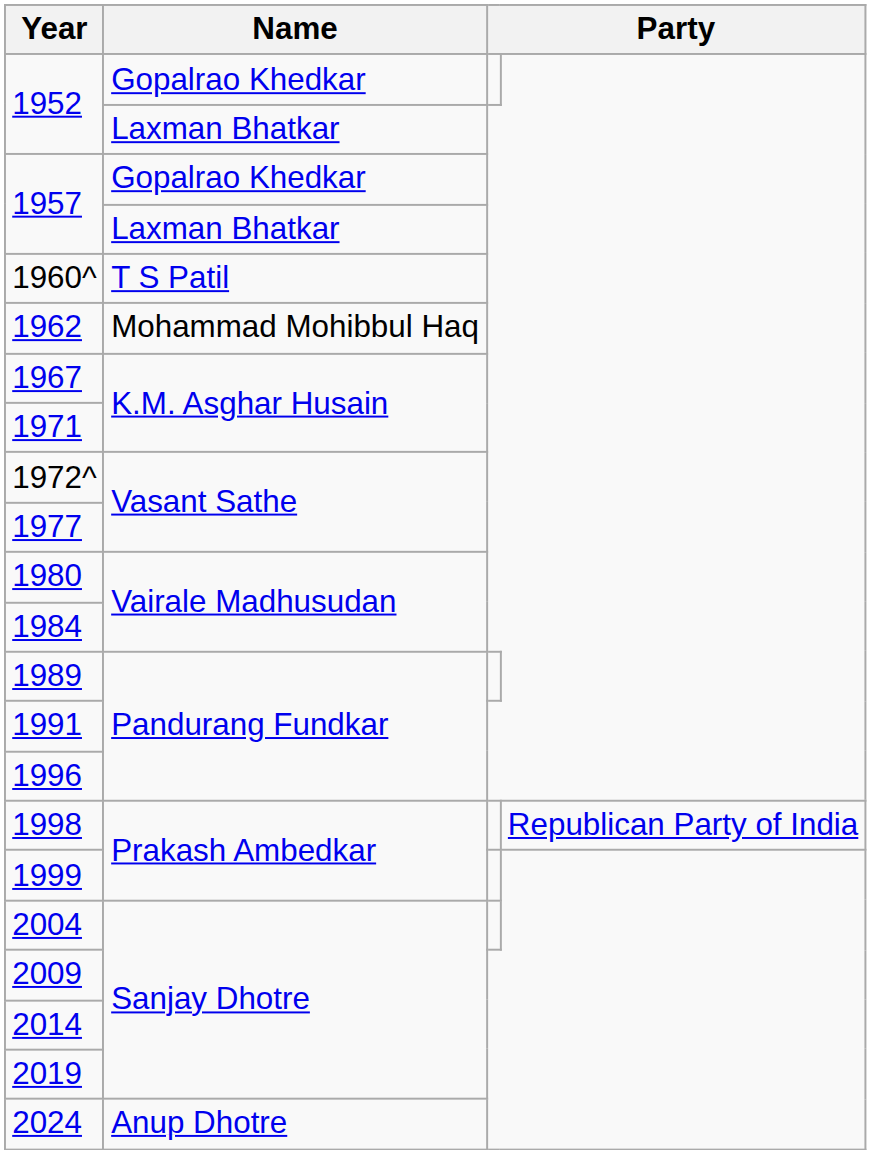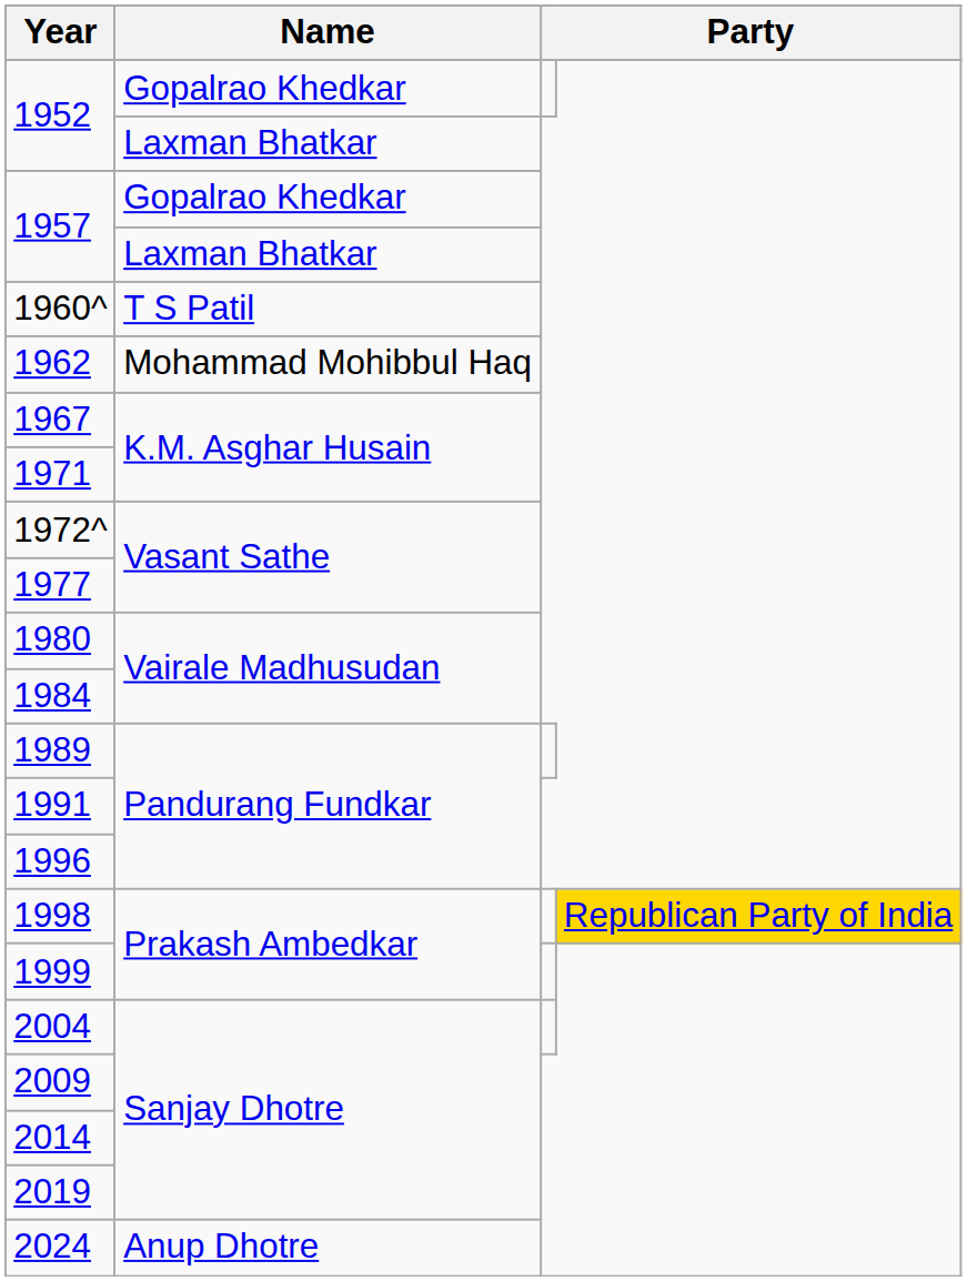 <table class="wikitable">
 <tr>
 <th>Year</th>
 <th>Name</th>
 <th colspan="2">Party</th>
 </tr>
 <tr>
 <td rowspan="2"><a href='#'>1952</a></td>
 <td><a href='#'>Gopalrao Khedkar</a></td>
 <td></td>
 </tr>
 <tr>
 <td><a href='#'>Laxman Bhatkar</a></td>
 </tr>
 <tr>
 <td rowspan="2"><a href='#'>1957</a></td>
 <td><a href='#'>Gopalrao Khedkar</a></td>
 </tr>
 <tr>
 <td><a href='#'>Laxman Bhatkar</a></td>
 </tr>
 <tr>
 <td>1960^</td>
 <td><a href='#'>T S Patil</a></td>
 </tr>
 <tr>
 <td><a href='#'>1962</a></td>
 <td>Mohammad Mohibbul Haq</td>
 </tr>
 <tr>
 <td><a href='#'>1967</a></td>
 <td rowspan="2"><a href='#'>K.M. Asghar Husain</a></td>
 </tr>
 <tr>
 <td><a href='#'>1971</a></td>
 </tr>
 <tr>
 <td>1972^</td>
 <td rowspan="2"><a href='#'>Vasant Sathe</a></td>
 </tr>
 <tr>
 <td><a href='#'>1977</a></td>
 </tr>
 <tr>
 <td><a href='#'>1980</a></td>
 <td rowspan="2"><a href='#'>Vairale Madhusudan</a></td>
 </tr>
 <tr>
 <td><a href='#'>1984</a></td>
 </tr>
 <tr>
 <td><a href='#'>1989</a></td>
 <td rowspan="3"><a href='#'>Pandurang Fundkar</a></td>
 <td></td>
 </tr>
 <tr>
 <td><a href='#'>1991</a></td>
 </tr>
 <tr>
 <td><a href='#'>1996</a></td>
 </tr>
 <tr>
 <td><a href='#'>1998</a></td>
 <td rowspan="2"><a href='#'>Prakash Ambedkar</a></td>
 <td style="background-color: "></td>
-<td><a href='#'>Republican Party of India</a></td>
+<td style="background: gold;"><a href='#'>Republican Party of India</a></td>
 </tr>
 <tr>
 <td><a href='#'>1999</a></td>
 <td></td>
 </tr>
 <tr>
 <td><a href='#'>2004</a></td>
 <td rowspan="4"><a href='#'>Sanjay Dhotre</a></td>
 <td></td>
 </tr>
 <tr>
 <td><a href='#'>2009</a></td>
 </tr>
 <tr>
 <td><a href='#'>2014</a></td>
 </tr>
 <tr>
 <td><a href='#'>2019</a></td>
 </tr>
 <tr>
 <td><a href='#'>2024</a></td>
 <td><a href='#'>Anup Dhotre</a></td>
 </tr>
 </table>
